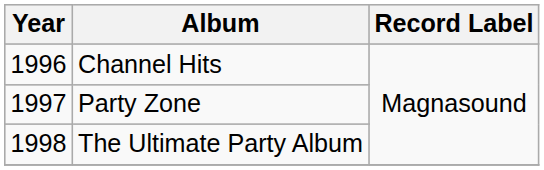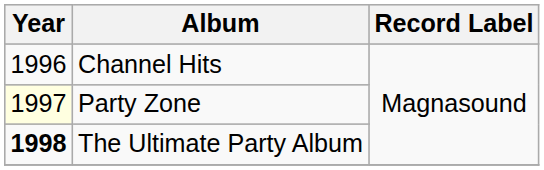 <table class="wikitable sortable">
 <tr>
 <th>Year</th>
 <th>Album</th>
 <th>Record Label</th>
 </tr>
 <tr>
 <td>1996</td>
 <td>Channel Hits</td>
 <td style="text-align:center;" rowspan="3">Magnasound</td>
 </tr>
 <tr>
-<td>1997</td>
+<td style="background: lightyellow;">1997</td>
 <td>Party Zone</td>
 </tr>
 <tr>
-<td>1998</td>
+<td><strong>1998</strong></td>
 <td>The Ultimate Party Album</td>
 </tr>
 <tr>
 </tr>
 </table>
